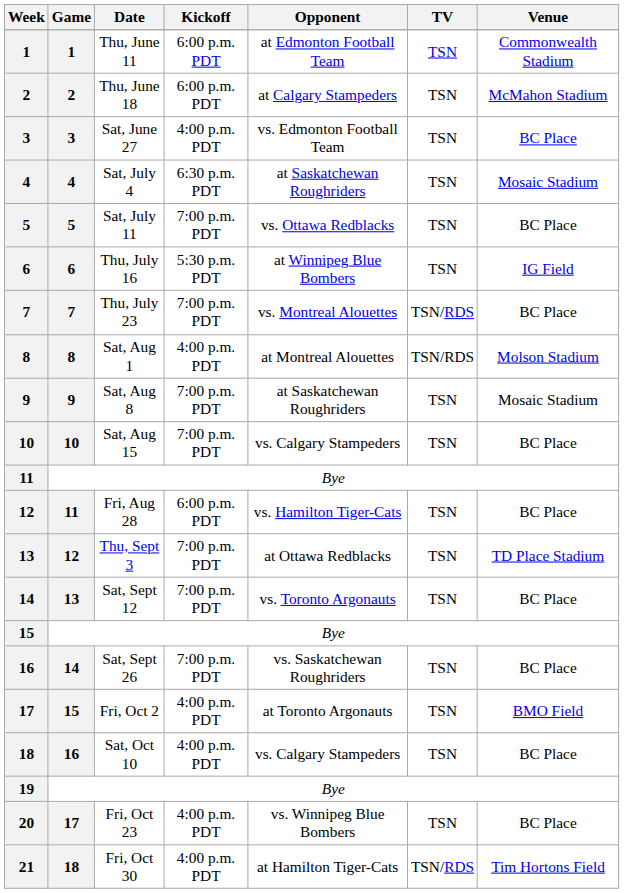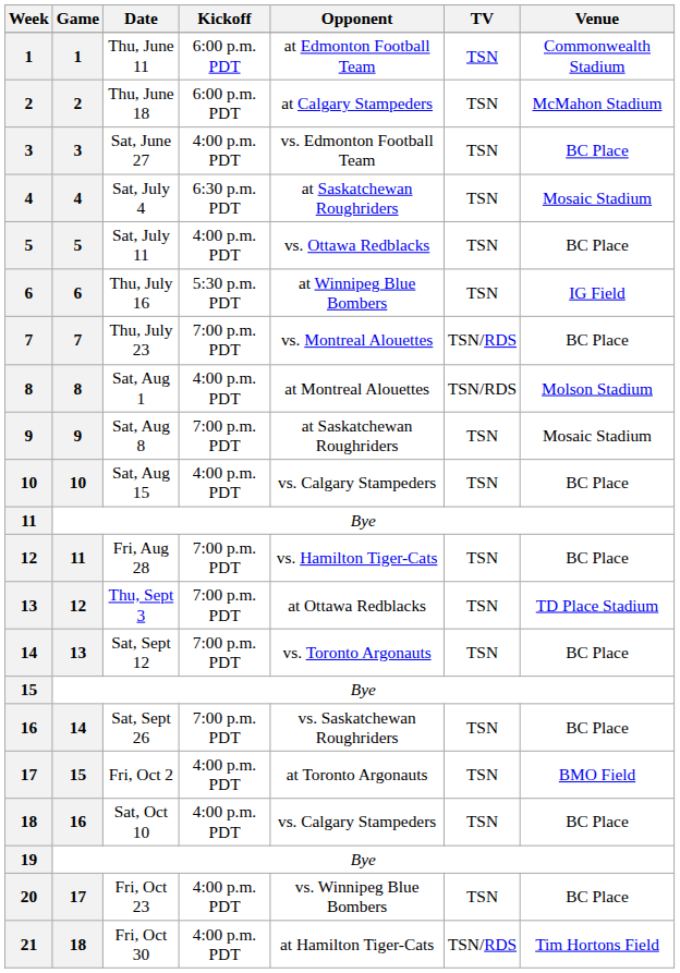 <table class="wikitable" style="font-size: 95%;">
 <tr>
 <th scope="col">Week</th>
 <th scope="col">Game</th>
 <th scope="col">Date</th>
 <th scope="col">Kickoff</th>
 <th scope="col">Opponent</th>
 <th scope="col">TV</th>
 <th scope="col">Venue</th>
 </tr>
 <tr>
 </tr>
 <tr align="center" bgcolor="ffffff">
 <th align="center">1</th>
 <th align="center">1</th>
 <td align="center">Thu, June 11</td>
 <td align="center">6:00 p.m. <a href='#'>PDT</a></td>
 <td align="center">at <a href='#'>Edmonton Football Team</a></td>
 <td align="center"><a href='#'>TSN</a></td>
 <td align="center"><a href='#'>Commonwealth Stadium</a></td>
 </tr>
 <tr align="center" bgcolor="ffffff">
 <th align="center">2</th>
 <th align="center">2</th>
 <td align="center">Thu, June 18</td>
 <td align="center">6:00 p.m. PDT</td>
 <td align="center">at <a href='#'>Calgary Stampeders</a></td>
 <td align="center">TSN</td>
 <td align="center"><a href='#'>McMahon Stadium</a></td>
 </tr>
 <tr align="center" bgcolor="ffffff">
 <th align="center">3</th>
 <th align="center">3</th>
 <td align="center">Sat, June 27</td>
 <td align="center">4:00 p.m. PDT</td>
 <td align="center">vs. Edmonton Football Team</td>
 <td align="center">TSN</td>
 <td align="center"><a href='#'>BC Place</a></td>
 </tr>
 <tr align="center" bgcolor="ffffff">
 <th align="center">4</th>
 <th align="center">4</th>
 <td align="center">Sat, July 4</td>
 <td align="center">6:30 p.m. PDT</td>
 <td align="center">at <a href='#'>Saskatchewan Roughriders</a></td>
 <td align="center">TSN</td>
 <td align="center"><a href='#'>Mosaic Stadium</a></td>
 </tr>
 <tr align="center" bgcolor="ffffff">
 <th align="center">5</th>
 <th align="center">5</th>
 <td align="center">Sat, July 11</td>
-<td align="center">7:00 p.m. PDT</td>
+<td align="center">4:00 p.m. PDT</td>
 <td align="center">vs. <a href='#'>Ottawa Redblacks</a></td>
 <td align="center">TSN</td>
 <td align="center">BC Place</td>
 </tr>
 <tr align="center" bgcolor="ffffff">
 <th align="center">6</th>
 <th align="center">6</th>
 <td align="center">Thu, July 16</td>
 <td align="center">5:30 p.m. PDT</td>
 <td align="center">at <a href='#'>Winnipeg Blue Bombers</a></td>
 <td align="center">TSN</td>
 <td align="center"><a href='#'>IG Field</a></td>
 </tr>
 <tr align="center" bgcolor="ffffff">
 <th align="center">7</th>
 <th align="center">7</th>
 <td align="center">Thu, July 23</td>
 <td align="center">7:00 p.m. PDT</td>
 <td align="center">vs. <a href='#'>Montreal Alouettes</a></td>
 <td align="center">TSN/<a href='#'>RDS</a></td>
 <td align="center">BC Place</td>
 </tr>
 <tr align="center" bgcolor="ffffff">
 <th align="center">8</th>
 <th align="center">8</th>
 <td align="center">Sat, Aug 1</td>
 <td align="center">4:00 p.m. PDT</td>
 <td align="center">at Montreal Alouettes</td>
 <td align="center">TSN/RDS</td>
 <td align="center"><a href='#'>Molson Stadium</a></td>
 </tr>
 <tr align="center" bgcolor="ffffff">
 <th align="center">9</th>
 <th align="center">9</th>
 <td align="center">Sat, Aug 8</td>
 <td align="center">7:00 p.m. PDT</td>
 <td align="center">at Saskatchewan Roughriders</td>
 <td align="center">TSN</td>
 <td align="center">Mosaic Stadium</td>
 </tr>
 <tr align="center" bgcolor="ffffff">
 <th align="center">10</th>
 <th align="center">10</th>
 <td align="center">Sat, Aug 15</td>
-<td align="center">7:00 p.m. PDT</td>
+<td align="center">4:00 p.m. PDT</td>
 <td align="center">vs. Calgary Stampeders</td>
 <td align="center">TSN</td>
 <td align="center">BC Place</td>
 </tr>
 <tr align="center" bgcolor="ffffff">
 <th align="center">11</th>
 <td colspan=10 align="center" valign="middle"><em>Bye</em></td>
 </tr>
 <tr align="center" bgcolor="ffffff">
 <th align="center">12</th>
 <th align="center">11</th>
 <td align="center">Fri, Aug 28</td>
-<td align="center">6:00 p.m. PDT</td>
+<td align="center">7:00 p.m. PDT</td>
 <td align="center">vs. <a href='#'>Hamilton Tiger-Cats</a></td>
 <td align="center">TSN</td>
 <td align="center">BC Place</td>
 </tr>
 <tr align="center" bgcolor="ffffff">
 <th align="center">13</th>
 <th align="center">12</th>
 <td align="center"><a href='#'>Thu, Sept 3</a></td>
 <td align="center">7:00 p.m. PDT</td>
 <td align="center">at Ottawa Redblacks</td>
 <td align="center">TSN</td>
 <td align="center"><a href='#'>TD Place Stadium</a></td>
 </tr>
 <tr align="center" bgcolor="ffffff">
 <th align="center">14</th>
 <th align="center">13</th>
 <td align="center">Sat, Sept 12</td>
 <td align="center">7:00 p.m. PDT</td>
 <td align="center">vs. <a href='#'>Toronto Argonauts</a></td>
 <td align="center">TSN</td>
 <td align="center">BC Place</td>
 </tr>
 <tr align="center" bgcolor="ffffff">
 <th align="center">15</th>
 <td colspan=10 align="center" valign="middle"><em>Bye</em></td>
 </tr>
 <tr align="center" bgcolor="ffffff">
 <th align="center">16</th>
 <th align="center">14</th>
 <td align="center">Sat, Sept 26</td>
 <td align="center">7:00 p.m. PDT</td>
 <td align="center">vs. Saskatchewan Roughriders</td>
 <td align="center">TSN</td>
 <td align="center">BC Place</td>
 </tr>
 <tr align="center" bgcolor="ffffff">
 <th align="center">17</th>
 <th align="center">15</th>
 <td align="center">Fri, Oct 2</td>
 <td align="center">4:00 p.m. PDT</td>
 <td align="center">at Toronto Argonauts</td>
 <td align="center">TSN</td>
 <td align="center"><a href='#'>BMO Field</a></td>
 </tr>
 <tr align="center" bgcolor="ffffff">
 <th align="center">18</th>
 <th align="center">16</th>
 <td align="center">Sat, Oct 10</td>
 <td align="center">4:00 p.m. PDT</td>
 <td align="center">vs. Calgary Stampeders</td>
 <td align="center">TSN</td>
 <td align="center">BC Place</td>
 </tr>
 <tr align="center" bgcolor="ffffff">
 <th align="center">19</th>
 <td colspan=10 align="center" valign="middle"><em>Bye</em></td>
 </tr>
 <tr align="center" bgcolor="ffffff">
 <th align="center">20</th>
 <th align="center">17</th>
 <td align="center">Fri, Oct 23</td>
 <td align="center">4:00 p.m. PDT</td>
 <td align="center">vs. Winnipeg Blue Bombers</td>
 <td align="center">TSN</td>
 <td align="center">BC Place</td>
 </tr>
 <tr align="center" bgcolor="ffffff">
 <th align="center">21</th>
 <th align="center">18</th>
 <td align="center">Fri, Oct 30</td>
 <td align="center">4:00 p.m. PDT</td>
 <td align="center">at Hamilton Tiger-Cats</td>
 <td align="center">TSN/<a href='#'>RDS</a></td>
 <td align="center"><a href='#'>Tim Hortons Field</a></td>
 </tr>
 </table>
